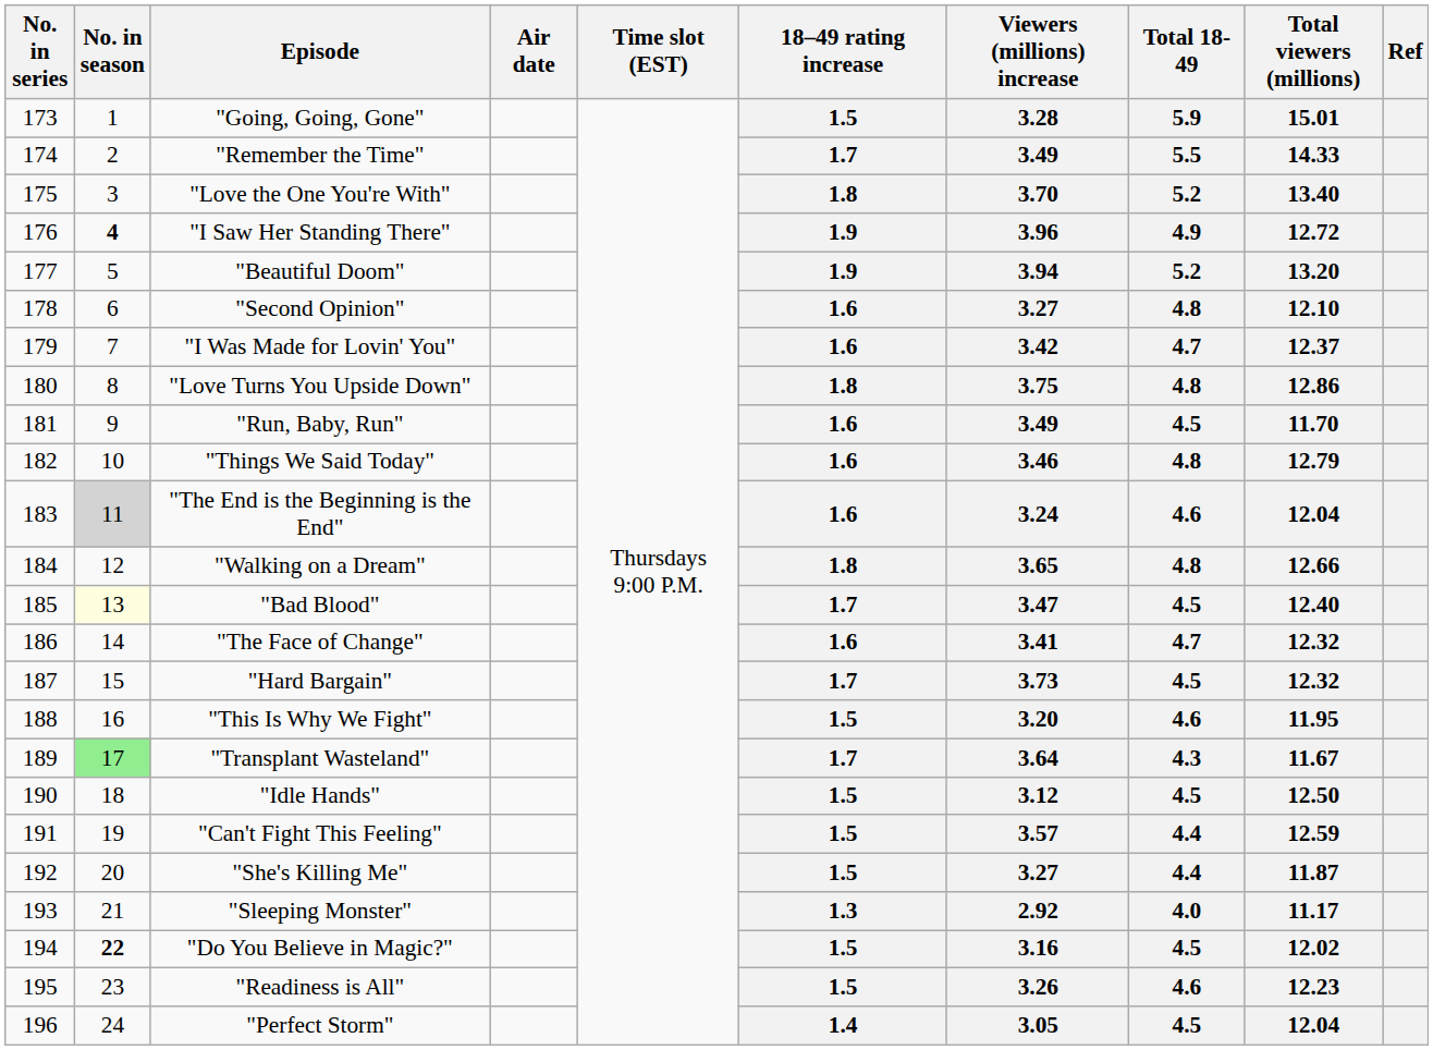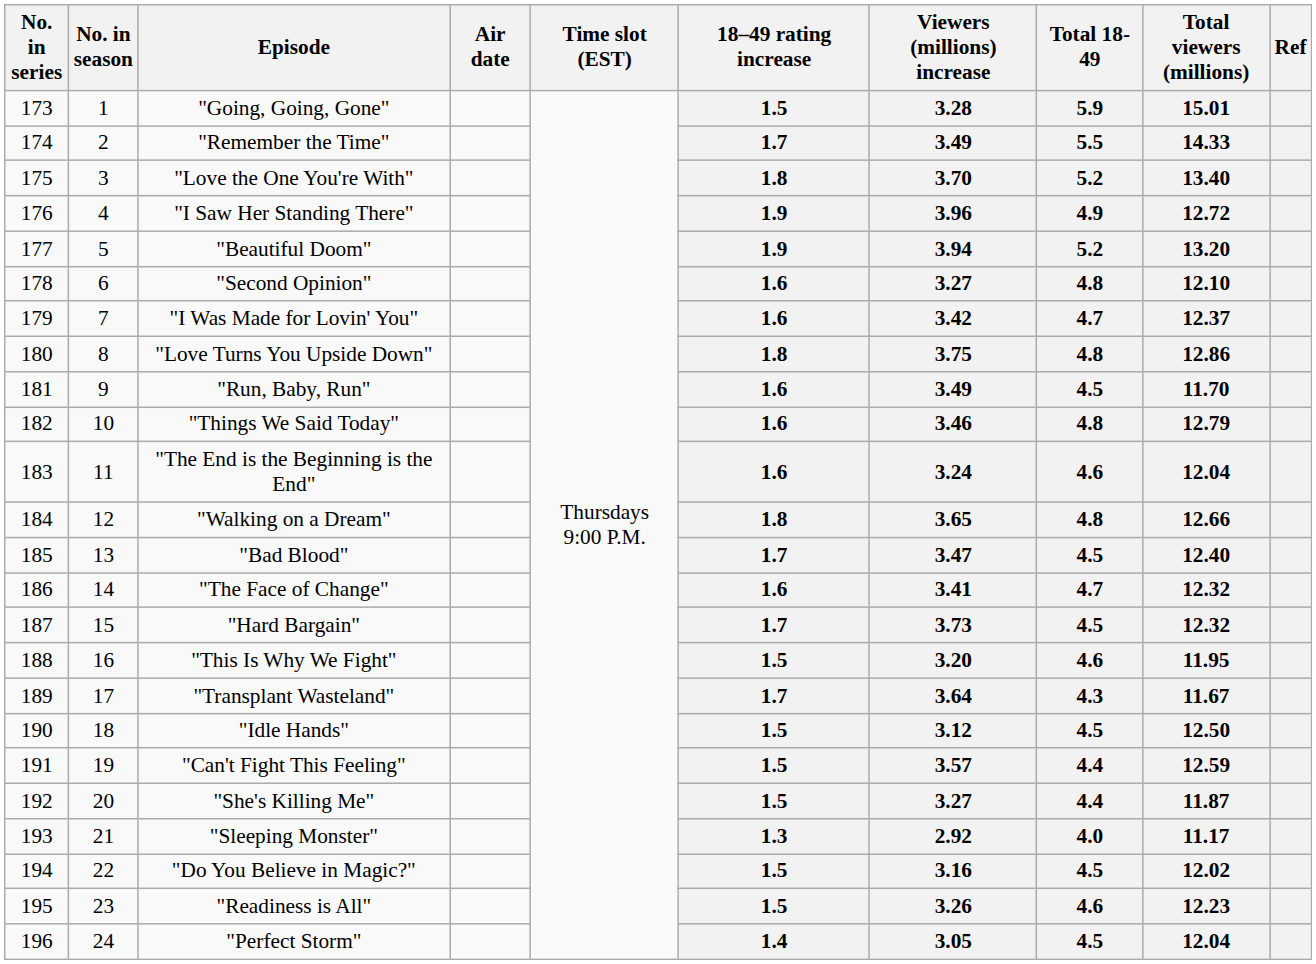 <table class="wikitable" style="font-size:90%; text-align:center; width: 100%; margin-left: auto; margin-right: auto;">
 <tr>
 <th>No. in<br>series</th>
 <th>No. in<br>season</th>
 <th>Episode</th>
 <th>Air date</th>
 <th>Time slot (EST)</th>
 <th>18–49 rating increase</th>
 <th>Viewers<br>(millions) increase</th>
 <th>Total 18-49</th>
 <th>Total viewers<br>(millions)</th>
 <th>Ref</th>
 </tr>
 <tr>
 <td style="text-align:center">173</td>
 <td style="text-align:center">1</td>
 <td>"Going, Going, Gone"</td>
 <td></td>
 <td style="text-align:center" rowspan=24>Thursdays<br>9:00 P.M.</td>
 <th style="text-align:center">1.5</th>
 <th style="text-align:center">3.28</th>
 <th style="text-align:center">5.9</th>
 <th style="text-align:center">15.01</th>
 <th style="text-align:center"></th>
 </tr>
 <tr>
 <td style="text-align:center">174</td>
 <td style="text-align:center">2</td>
 <td>"Remember the Time"</td>
 <td></td>
 <th style="text-align:center">1.7</th>
 <th style="text-align:center">3.49</th>
 <th style="text-align:center">5.5</th>
 <th style="text-align:center">14.33</th>
 <th style="text-align:center"></th>
 </tr>
 <tr>
 <td style="text-align:center">175</td>
 <td style="text-align:center">3</td>
 <td>"Love the One You're With"</td>
 <td></td>
 <th style="text-align:center">1.8</th>
 <th style="text-align:center">3.70</th>
 <th style="text-align:center">5.2</th>
 <th style="text-align:center">13.40</th>
 <th style="text-align:center"></th>
 </tr>
 <tr>
 <td style="text-align:center">176</td>
-<td style="text-align:center"><strong>4</strong></td>
+<td style="text-align:center">4</td>
 <td>"I Saw Her Standing There"</td>
 <td></td>
 <th style="text-align:center">1.9</th>
 <th style="text-align:center">3.96</th>
 <th style="text-align:center">4.9</th>
 <th style="text-align:center">12.72</th>
 <th style="text-align:center"></th>
 </tr>
 <tr>
 <td style="text-align:center">177</td>
 <td style="text-align:center">5</td>
 <td>"Beautiful Doom"</td>
 <td></td>
 <th style="text-align:center">1.9</th>
 <th style="text-align:center">3.94</th>
 <th style="text-align:center">5.2</th>
 <th style="text-align:center">13.20</th>
 <th style="text-align:center"></th>
 </tr>
 <tr>
 <td style="text-align:center">178</td>
 <td style="text-align:center">6</td>
 <td>"Second Opinion"</td>
 <td></td>
 <th style="text-align:center">1.6</th>
 <th style="text-align:center">3.27</th>
 <th style="text-align:center">4.8</th>
 <th style="text-align:center">12.10</th>
 <th style="text-align:center"></th>
 </tr>
 <tr>
 <td style="text-align:center">179</td>
 <td style="text-align:center">7</td>
 <td>"I Was Made for Lovin' You"</td>
 <td></td>
 <th style="text-align:center">1.6</th>
 <th style="text-align:center">3.42</th>
 <th style="text-align:center">4.7</th>
 <th style="text-align:center">12.37</th>
 <th style="text-align:center"></th>
 </tr>
 <tr>
 <td style="text-align:center">180</td>
 <td style="text-align:center">8</td>
 <td>"Love Turns You Upside Down"</td>
 <td></td>
 <th style="text-align:center">1.8</th>
 <th style="text-align:center">3.75</th>
 <th style="text-align:center">4.8</th>
 <th style="text-align:center">12.86</th>
 <th style="text-align:center"></th>
 </tr>
 <tr>
 <td style="text-align:center">181</td>
 <td style="text-align:center">9</td>
 <td>"Run, Baby, Run"</td>
 <td></td>
 <th style="text-align:center">1.6</th>
 <th style="text-align:center">3.49</th>
 <th style="text-align:center">4.5</th>
 <th style="text-align:center">11.70</th>
 <th style="text-align:center"></th>
 </tr>
 <tr>
 <td style="text-align:center">182</td>
 <td style="text-align:center">10</td>
 <td>"Things We Said Today"</td>
 <td></td>
 <th style="text-align:center">1.6</th>
 <th style="text-align:center">3.46</th>
 <th style="text-align:center">4.8</th>
 <th style="text-align:center">12.79</th>
 <th style="text-align:center"></th>
 </tr>
 <tr>
 <td style="text-align:center">183</td>
-<td style="background: lightgrey; text-align:center">11</td>
+<td style="text-align:center">11</td>
 <td>"The End is the Beginning is the End"</td>
 <td></td>
 <th style="text-align:center">1.6</th>
 <th style="text-align:center">3.24</th>
 <th style="text-align:center">4.6</th>
 <th style="text-align:center">12.04</th>
 <th style="text-align:center"></th>
 </tr>
 <tr>
 <td style="text-align:center">184</td>
 <td style="text-align:center">12</td>
 <td>"Walking on a Dream"</td>
 <td></td>
 <th style="text-align:center">1.8</th>
 <th style="text-align:center">3.65</th>
 <th style="text-align:center">4.8</th>
 <th style="text-align:center">12.66</th>
 <th style="text-align:center"></th>
 </tr>
 <tr>
 <td style="text-align:center">185</td>
-<td style="background: lightyellow; text-align:center">13</td>
+<td style="text-align:center">13</td>
 <td>"Bad Blood"</td>
 <td></td>
 <th style="text-align:center">1.7</th>
 <th style="text-align:center">3.47</th>
 <th style="text-align:center">4.5</th>
 <th style="text-align:center">12.40</th>
 <th style="text-align:center"></th>
 </tr>
 <tr>
 <td style="text-align:center">186</td>
 <td style="text-align:center">14</td>
 <td>"The Face of Change"</td>
 <td></td>
 <th style="text-align:center">1.6</th>
 <th style="text-align:center">3.41</th>
 <th style="text-align:center">4.7</th>
 <th style="text-align:center">12.32</th>
 <th style="text-align:center"></th>
 </tr>
 <tr>
 <td style="text-align:center">187</td>
 <td style="text-align:center">15</td>
 <td>"Hard Bargain"</td>
 <td></td>
 <th style="text-align:center">1.7</th>
 <th style="text-align:center">3.73</th>
 <th style="text-align:center">4.5</th>
 <th style="text-align:center">12.32</th>
 <th style="text-align:center"></th>
 </tr>
 <tr>
 <td style="text-align:center">188</td>
 <td style="text-align:center">16</td>
 <td>"This Is Why We Fight"</td>
 <td></td>
 <th style="text-align:center">1.5</th>
 <th style="text-align:center">3.20</th>
 <th style="text-align:center">4.6</th>
 <th style="text-align:center">11.95</th>
 <th style="text-align:center"></th>
 </tr>
 <tr>
 <td style="text-align:center">189</td>
-<td style="background: lightgreen; text-align:center">17</td>
+<td style="text-align:center">17</td>
 <td>"Transplant Wasteland"</td>
 <td></td>
 <th style="text-align:center">1.7</th>
 <th style="text-align:center">3.64</th>
 <th style="text-align:center">4.3</th>
 <th style="text-align:center">11.67</th>
 <th style="text-align:center"></th>
 </tr>
 <tr>
 <td style="text-align:center">190</td>
 <td style="text-align:center">18</td>
 <td>"Idle Hands"</td>
 <td></td>
 <th style="text-align:center">1.5</th>
 <th style="text-align:center">3.12</th>
 <th style="text-align:center">4.5</th>
 <th style="text-align:center">12.50</th>
 <th style="text-align:center"></th>
 </tr>
 <tr>
 <td style="text-align:center">191</td>
 <td style="text-align:center">19</td>
 <td>"Can't Fight This Feeling"</td>
 <td></td>
 <th style="text-align:center">1.5</th>
 <th ! style="text-align:center">3.57</th>
 <th style="text-align:center">4.4</th>
 <th style="text-align:center">12.59</th>
 <th style="text-align:center"></th>
 </tr>
 <tr>
 <td style="text-align:center">192</td>
 <td style="text-align:center">20</td>
 <td>"She's Killing Me"</td>
 <td></td>
 <th style="text-align:center">1.5</th>
 <th style="text-align:center">3.27</th>
 <th style="text-align:center">4.4</th>
 <th style="text-align:center">11.87</th>
 <th style="text-align:center"></th>
 </tr>
 <tr>
 <td style="text-align:center">193</td>
 <td style="text-align:center">21</td>
 <td>"Sleeping Monster"</td>
 <td></td>
 <th style="text-align:center">1.3</th>
 <th style="text-align:center">2.92</th>
 <th style="text-align:center">4.0</th>
 <th style="text-align:center">11.17</th>
 <th style="text-align:center"></th>
 </tr>
 <tr>
 <td style="text-align:center">194</td>
-<td style="text-align:center"><strong>22</strong></td>
+<td style="text-align:center">22</td>
 <td>"Do You Believe in Magic?"</td>
 <td></td>
 <th style="text-align:center">1.5</th>
 <th style="text-align:center">3.16</th>
 <th style="text-align:center">4.5</th>
 <th style="text-align:center">12.02</th>
 <th style="text-align:center"></th>
 </tr>
 <tr>
 <td style="text-align:center">195</td>
 <td style="text-align:center">23</td>
 <td>"Readiness is All"</td>
 <td></td>
 <th style="text-align:center">1.5</th>
 <th style="text-align:center">3.26</th>
 <th style="text-align:center">4.6</th>
 <th style="text-align:center">12.23</th>
 <th style="text-align:center"></th>
 </tr>
 <tr>
 <td style="text-align:center">196</td>
 <td style="text-align:center">24</td>
 <td>"Perfect Storm"</td>
 <td></td>
 <th style="text-align:center">1.4</th>
 <th style="text-align:center">3.05</th>
 <th style="text-align:center">4.5</th>
 <th style="text-align:center">12.04</th>
 <th style="text-align:center"></th>
 </tr>
 </table>
